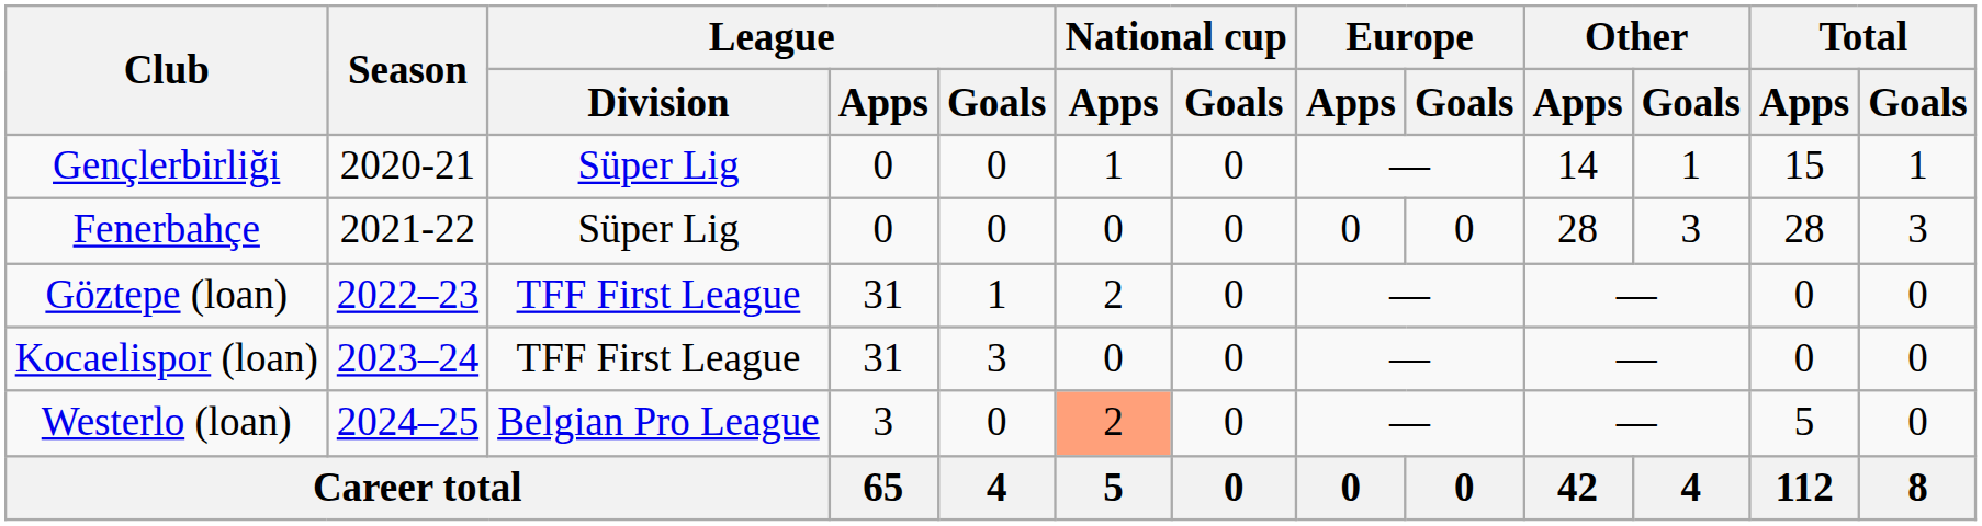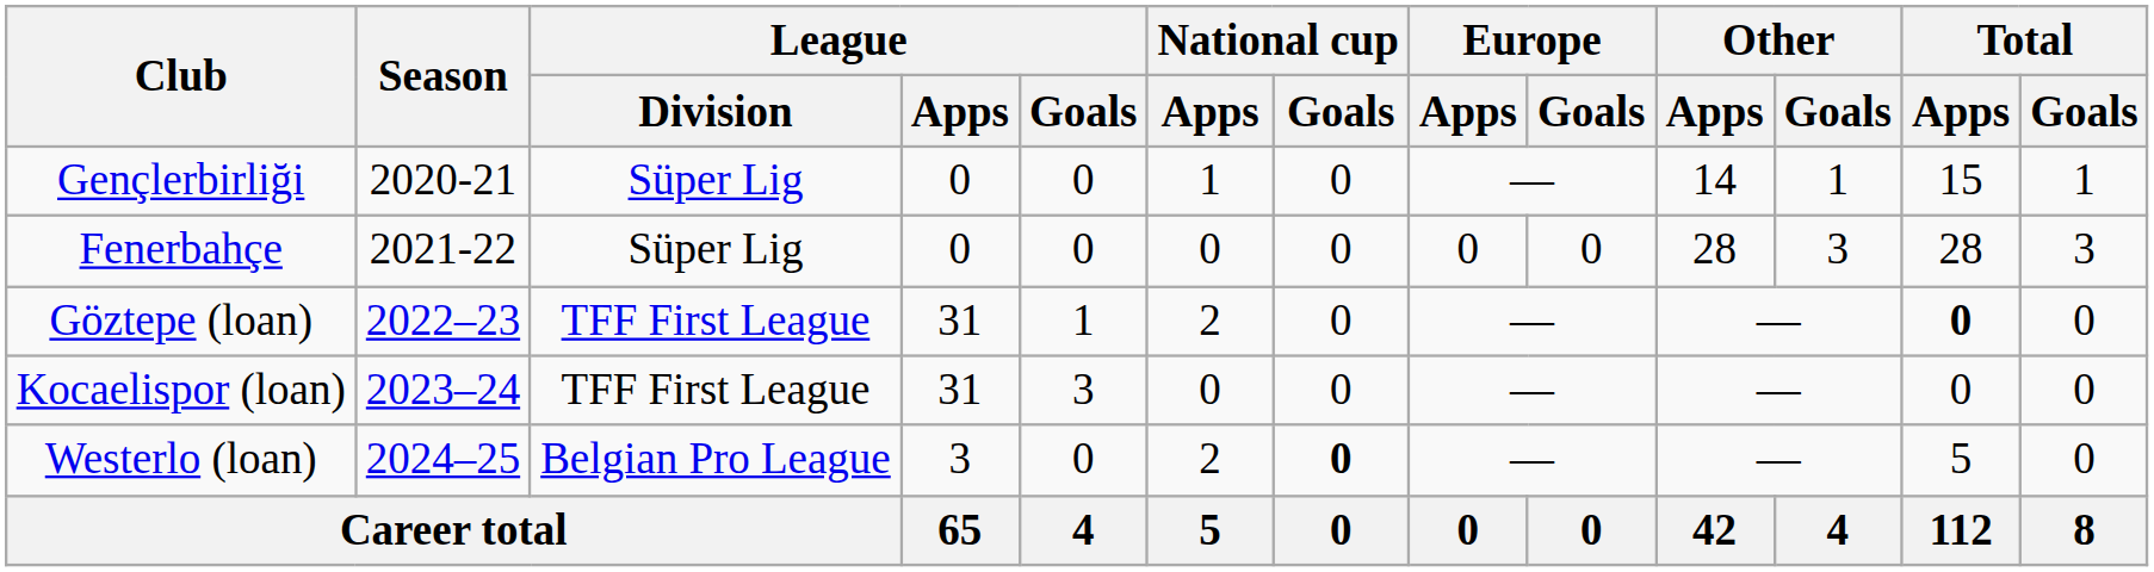 <table class="wikitable" style="text-align:center">
 <tr>
 <th rowspan="2">Club</th>
 <th rowspan="2">Season</th>
 <th colspan="3">League</th>
 <th colspan="2">National cup</th>
 <th colspan="2">Europe</th>
 <th colspan="2">Other</th>
 <th colspan="2">Total</th>
 </tr>
 <tr>
 <th>Division</th>
 <th>Apps</th>
 <th>Goals</th>
 <th>Apps</th>
 <th>Goals</th>
 <th>Apps</th>
 <th>Goals</th>
 <th>Apps</th>
 <th>Goals</th>
 <th>Apps</th>
 <th>Goals</th>
 </tr>
 <tr>
 <td><a href='#'>Gençlerbirliği</a></td>
 <td>2020-21</td>
 <td><a href='#'>Süper Lig</a></td>
 <td>0</td>
 <td>0</td>
 <td>1</td>
 <td>0</td>
 <td colspan="2">—</td>
 <td>14</td>
 <td>1</td>
 <td>15</td>
 <td>1</td>
 </tr>
 <tr>
 <td><a href='#'>Fenerbahçe</a></td>
 <td>2021-22</td>
 <td>Süper Lig</td>
 <td>0</td>
 <td>0</td>
 <td>0</td>
 <td>0</td>
 <td>0</td>
 <td>0</td>
 <td>28</td>
 <td>3</td>
 <td>28</td>
 <td>3</td>
 </tr>
 <tr>
 <td><a href='#'>Göztepe</a> (loan)</td>
 <td><a href='#'>2022–23</a></td>
 <td><a href='#'>TFF First League</a></td>
 <td>31</td>
 <td>1</td>
 <td>2</td>
 <td>0</td>
 <td colspan="2">—</td>
 <td colspan="2">—</td>
-<td>0</td>
+<td><strong>0</strong></td>
 <td>0</td>
 </tr>
 <tr>
 <td><a href='#'>Kocaelispor</a> (loan)</td>
 <td><a href='#'>2023–24</a></td>
 <td>TFF First League</td>
 <td>31</td>
 <td>3</td>
 <td>0</td>
 <td>0</td>
 <td colspan="2">—</td>
 <td colspan="2">—</td>
 <td>0</td>
 <td>0</td>
 </tr>
 <tr>
 <td><a href='#'>Westerlo</a> (loan)</td>
 <td><a href='#'>2024–25</a></td>
 <td><a href='#'>Belgian Pro League</a></td>
 <td>3</td>
 <td>0</td>
-<td style="background: lightsalmon;">2</td>
-<td>0</td>
+<td>2</td>
+<td><strong>0</strong></td>
 <td colspan="2">—</td>
 <td colspan="2">—</td>
 <td>5</td>
 <td>0</td>
 </tr>
 <tr>
 <th colspan=3>Career total</th>
 <th>65</th>
 <th>4</th>
 <th>5</th>
 <th>0</th>
 <th>0</th>
 <th>0</th>
 <th>42</th>
 <th>4</th>
 <th>112</th>
 <th>8</th>
 </tr>
 </table>
